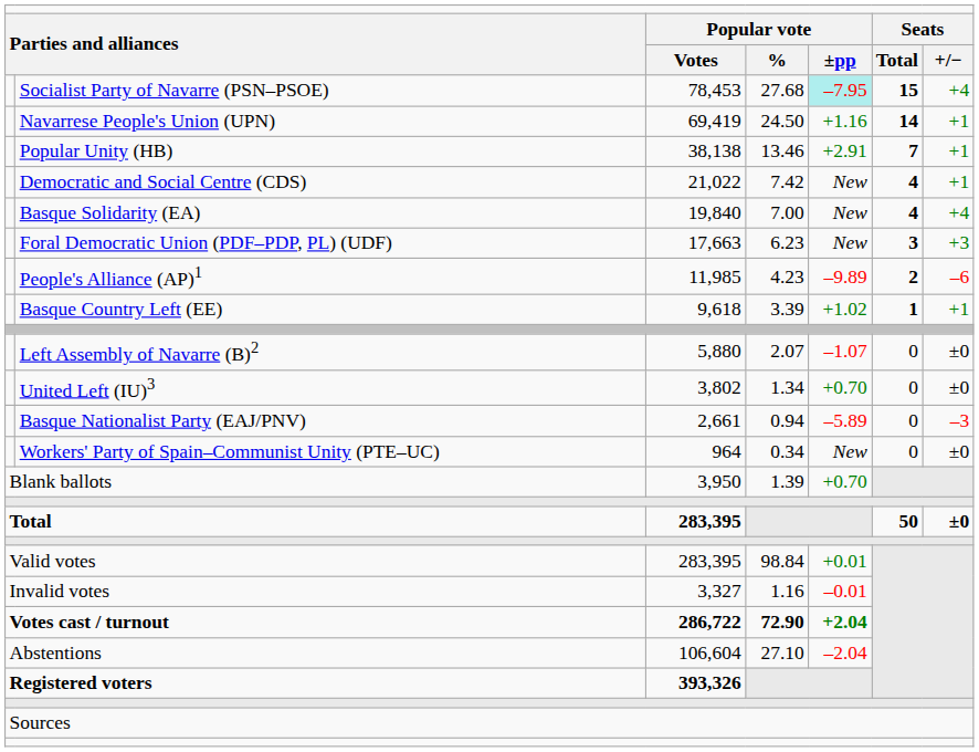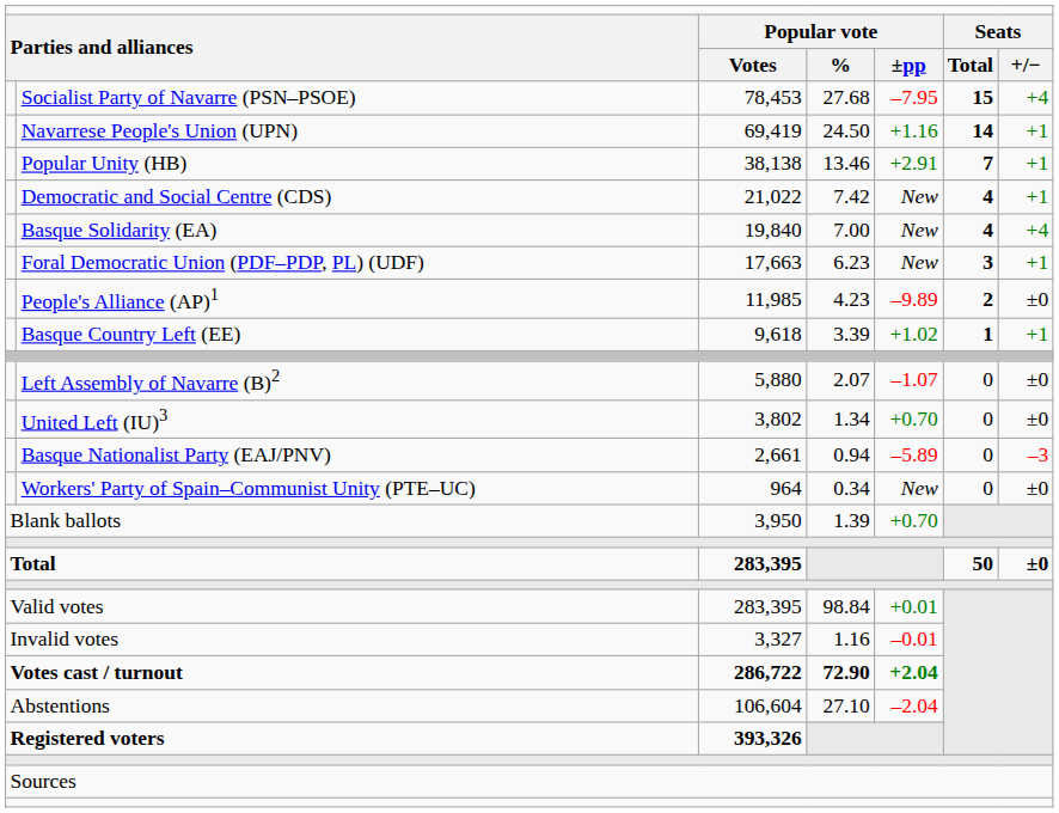 <table class="wikitable" style="text-align:right;">
 <tr>
 <td colspan="7"></td>
 </tr>
 <tr>
 <th style="text-align:left;" rowspan="2" colspan="2" width="525">Parties and alliances</th>
 <th colspan="3">Popular vote</th>
 <th colspan="2">Seats</th>
 </tr>
 <tr>
 <th width="75">Votes</th>
 <th width="45">%</th>
 <th width="45">±<a href='#'>pp</a></th>
 <th width="35">Total</th>
 <th width="35">+/−</th>
 </tr>
 <tr>
 <td width="1" style="color:inherit;background:"></td>
 <td align="left"><a href='#'>Socialist Party of Navarre</a> (PSN–PSOE)</td>
 <td>78,453</td>
 <td>27.68</td>
-<td style="background: paleturquoise; color:red;">–7.95</td>
+<td style="color:red;">–7.95</td>
 <td><strong>15</strong></td>
 <td style="color:green;">+4</td>
 </tr>
 <tr>
 <td style="color:inherit;background:"></td>
 <td align="left"><a href='#'>Navarrese People's Union</a> (UPN)</td>
 <td>69,419</td>
 <td>24.50</td>
 <td style="color:green;">+1.16</td>
 <td><strong>14</strong></td>
 <td style="color:green;">+1</td>
 </tr>
 <tr>
 <td style="color:inherit;background:"></td>
 <td align="left"><a href='#'>Popular Unity</a> (HB)</td>
 <td>38,138</td>
 <td>13.46</td>
 <td style="color:green;">+2.91</td>
 <td><strong>7</strong></td>
 <td style="color:green;">+1</td>
 </tr>
 <tr>
 <td style="color:inherit;background:"></td>
 <td align="left"><a href='#'>Democratic and Social Centre</a> (CDS)</td>
 <td>21,022</td>
 <td>7.42</td>
 <td><em>New</em></td>
 <td><strong>4</strong></td>
 <td style="color:green;">+1</td>
 </tr>
 <tr>
 <td style="color:inherit;background:"></td>
 <td align="left"><a href='#'>Basque Solidarity</a> (EA)</td>
 <td>19,840</td>
 <td>7.00</td>
 <td><em>New</em></td>
 <td><strong>4</strong></td>
 <td style="color:green;">+4</td>
 </tr>
 <tr>
 <td style="color:inherit;background:"></td>
 <td align="left"><a href='#'>Foral Democratic Union</a> (<a href='#'>PDF–PDP</a>, <a href='#'>PL</a>) (UDF)</td>
 <td>17,663</td>
 <td>6.23</td>
 <td><em>New</em></td>
 <td><strong>3</strong></td>
-<td style="color:green;">+3</td>
+<td style="color:green;">+1</td>
 </tr>
 <tr>
 <td style="color:inherit;background:"></td>
 <td align="left"><a href='#'>People's Alliance</a> (AP)<sup>1</sup></td>
 <td>11,985</td>
 <td>4.23</td>
 <td style="color:red;">–9.89</td>
 <td><strong>2</strong></td>
-<td style="color:red;">–6</td>
+<td>±0</td>
 </tr>
 <tr>
 <td style="color:inherit;background:"></td>
 <td align="left"><a href='#'>Basque Country Left</a> (EE)</td>
 <td>9,618</td>
 <td>3.39</td>
 <td style="color:green;">+1.02</td>
 <td><strong>1</strong></td>
 <td style="color:green;">+1</td>
 </tr>
 <tr>
 <td colspan="7" bgcolor="#C0C0C0"></td>
 </tr>
 <tr>
 <td style="color:inherit;background:"></td>
 <td align="left"><a href='#'>Left Assembly of Navarre</a> (B)<sup>2</sup></td>
 <td>5,880</td>
 <td>2.07</td>
 <td style="color:red;">–1.07</td>
 <td>0</td>
 <td>±0</td>
 </tr>
 <tr>
 <td style="color:inherit;background:"></td>
 <td align="left"><a href='#'>United Left</a> (IU)<sup>3</sup></td>
 <td>3,802</td>
 <td>1.34</td>
 <td style="color:green;">+0.70</td>
 <td>0</td>
 <td>±0</td>
 </tr>
 <tr>
 <td style="color:inherit;background:"></td>
 <td align="left"><a href='#'>Basque Nationalist Party</a> (EAJ/PNV)</td>
 <td>2,661</td>
 <td>0.94</td>
 <td style="color:red;">–5.89</td>
 <td>0</td>
 <td style="color:red;">–3</td>
 </tr>
 <tr>
 <td style="color:inherit;background:"></td>
 <td align="left"><a href='#'>Workers' Party of Spain–Communist Unity</a> (PTE–UC)</td>
 <td>964</td>
 <td>0.34</td>
 <td><em>New</em></td>
 <td>0</td>
 <td>±0</td>
 </tr>
 <tr>
 <td align="left" colspan="2">Blank ballots</td>
 <td>3,950</td>
 <td>1.39</td>
 <td style="color:green;">+0.70</td>
 <td bgcolor="#E9E9E9" colspan="2"></td>
 </tr>
 <tr>
 <td colspan="7" bgcolor="#E9E9E9"></td>
 </tr>
 <tr style="font-weight:bold;">
 <td align="left" colspan="2">Total</td>
 <td>283,395</td>
 <td bgcolor="#E9E9E9" colspan="2"></td>
 <td>50</td>
 <td>±0</td>
 </tr>
 <tr>
 <td colspan="7" bgcolor="#E9E9E9"></td>
 </tr>
 <tr>
 <td align="left" colspan="2">Valid votes</td>
 <td>283,395</td>
 <td>98.84</td>
 <td style="color:green;">+0.01</td>
 <td bgcolor="#E9E9E9" colspan="2" rowspan="5"></td>
 </tr>
 <tr>
 <td align="left" colspan="2">Invalid votes</td>
 <td>3,327</td>
 <td>1.16</td>
 <td style="color:red;">–0.01</td>
 </tr>
 <tr style="font-weight:bold;">
 <td align="left" colspan="2">Votes cast / turnout</td>
 <td>286,722</td>
 <td>72.90</td>
 <td style="color:green;">+2.04</td>
 </tr>
 <tr>
 <td align="left" colspan="2">Abstentions</td>
 <td>106,604</td>
 <td>27.10</td>
 <td style="color:red;">–2.04</td>
 </tr>
 <tr style="font-weight:bold;">
 <td align="left" colspan="2">Registered voters</td>
 <td>393,326</td>
 <td bgcolor="#E9E9E9" colspan="2"></td>
 </tr>
 <tr>
 <td colspan="7" bgcolor="#E9E9E9"></td>
 </tr>
 <tr>
 <td align="left" colspan="7">Sources</td>
 </tr>
 <tr>
 <td colspan="7" style="text-align:left; max-width:790px;"></td>
 </tr>
 </table>
